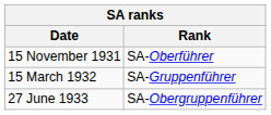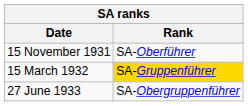 <table class="wikitable float-right">
 <tr>
 <th colspan="2">SA ranks</th>
 </tr>
 <tr>
 <th>Date</th>
 <th>Rank</th>
 </tr>
 <tr>
 <td>15 November 1931</td>
 <td>SA-<em><a href='#'>Oberführer</a></em></td>
 </tr>
 <tr>
 <td>15 March 1932</td>
-<td>SA-<em><a href='#'>Gruppenführer</a></em></td>
+<td style="background: gold;">SA-<em><a href='#'>Gruppenführer</a></em></td>
 </tr>
 <tr>
 <td>27 June 1933</td>
 <td>SA-<em><a href='#'>Obergruppenführer</a></em></td>
 </tr>
 </table>
